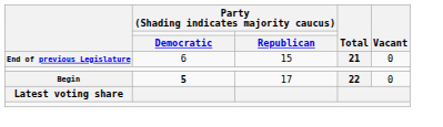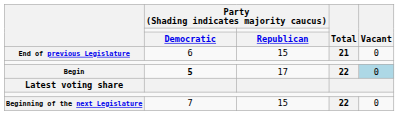 <table class=wikitable style="text-align:center">
 <tr style="vertical-align:bottom;">
 <th rowspan=3></th>
 <th colspan=2>Party <div>(Shading indicates majority caucus)</div></th>
 <th rowspan=3>Total</th>
 <th rowspan=3>Vacant</th>
 </tr>
 <tr style="height:5px">
 <td style="background-color:"></td>
 <td style="background-color:"></td>
 </tr>
 <tr>
 <th><a href='#'>Democratic</a></th>
 <th><a href='#'>Republican</a></th>
 </tr>
 <tr>
 <th style="white-space:nowrap; font-size:80%;">End of <a href='#'>previous Legislature</a></th>
 <td>6</td>
 <td>15</td>
 <th>21</th>
 <td>0</td>
 </tr>
 <tr>
 <td colspan=5></td>
 </tr>
 <tr>
 <th style="font-size:80%">Begin</th>
 <td><strong>5</strong></td>
 <td>17</td>
 <th>22</th>
-<td>0</td>
+<td style="background: lightblue;">0</td>
 </tr>
 <tr>
 <th>Latest voting share</th>
 <th></th>
 <th></th>
 <th colspan=2></th>
 </tr>
 <tr>
 <td colspan=5></td>
 </tr>
+<tr>
+<th style="white-space:nowrap; font-size:80%;">Beginning of the <a href='#'>next Legislature</a></th>
+<td>7</td>
+<td>15</td>
+<th>22</th>
+<td>0</td>
+</tr>
 </table>
